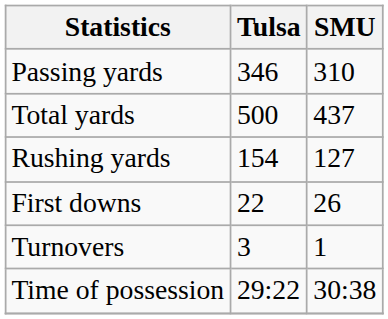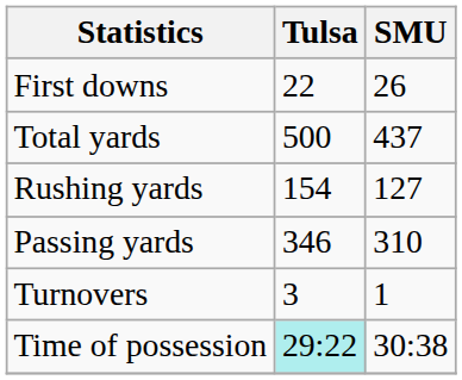 <table class="wikitable" style="float: right;">
 <tr>
 <th>Statistics</th>
 <th>Tulsa</th>
 <th>SMU</th>
 </tr>
 <tr>
-<td>Passing yards</td>
-<td>346</td>
-<td>310</td>
+<td>First downs</td>
+<td>22</td>
+<td>26</td>
 </tr>
 <tr>
 <td>Total yards</td>
 <td>500</td>
 <td>437</td>
 </tr>
 <tr>
 <td>Rushing yards</td>
 <td>154</td>
 <td>127</td>
 </tr>
 <tr>
-<td>First downs</td>
-<td>22</td>
-<td>26</td>
+<td>Passing yards</td>
+<td>346</td>
+<td>310</td>
 </tr>
 <tr>
 <td>Turnovers</td>
 <td>3</td>
 <td>1</td>
 </tr>
 <tr>
 <td>Time of possession</td>
-<td>29:22</td>
+<td style="background: paleturquoise;">29:22</td>
 <td>30:38</td>
 </tr>
 <tr>
 </tr>
 </table>
